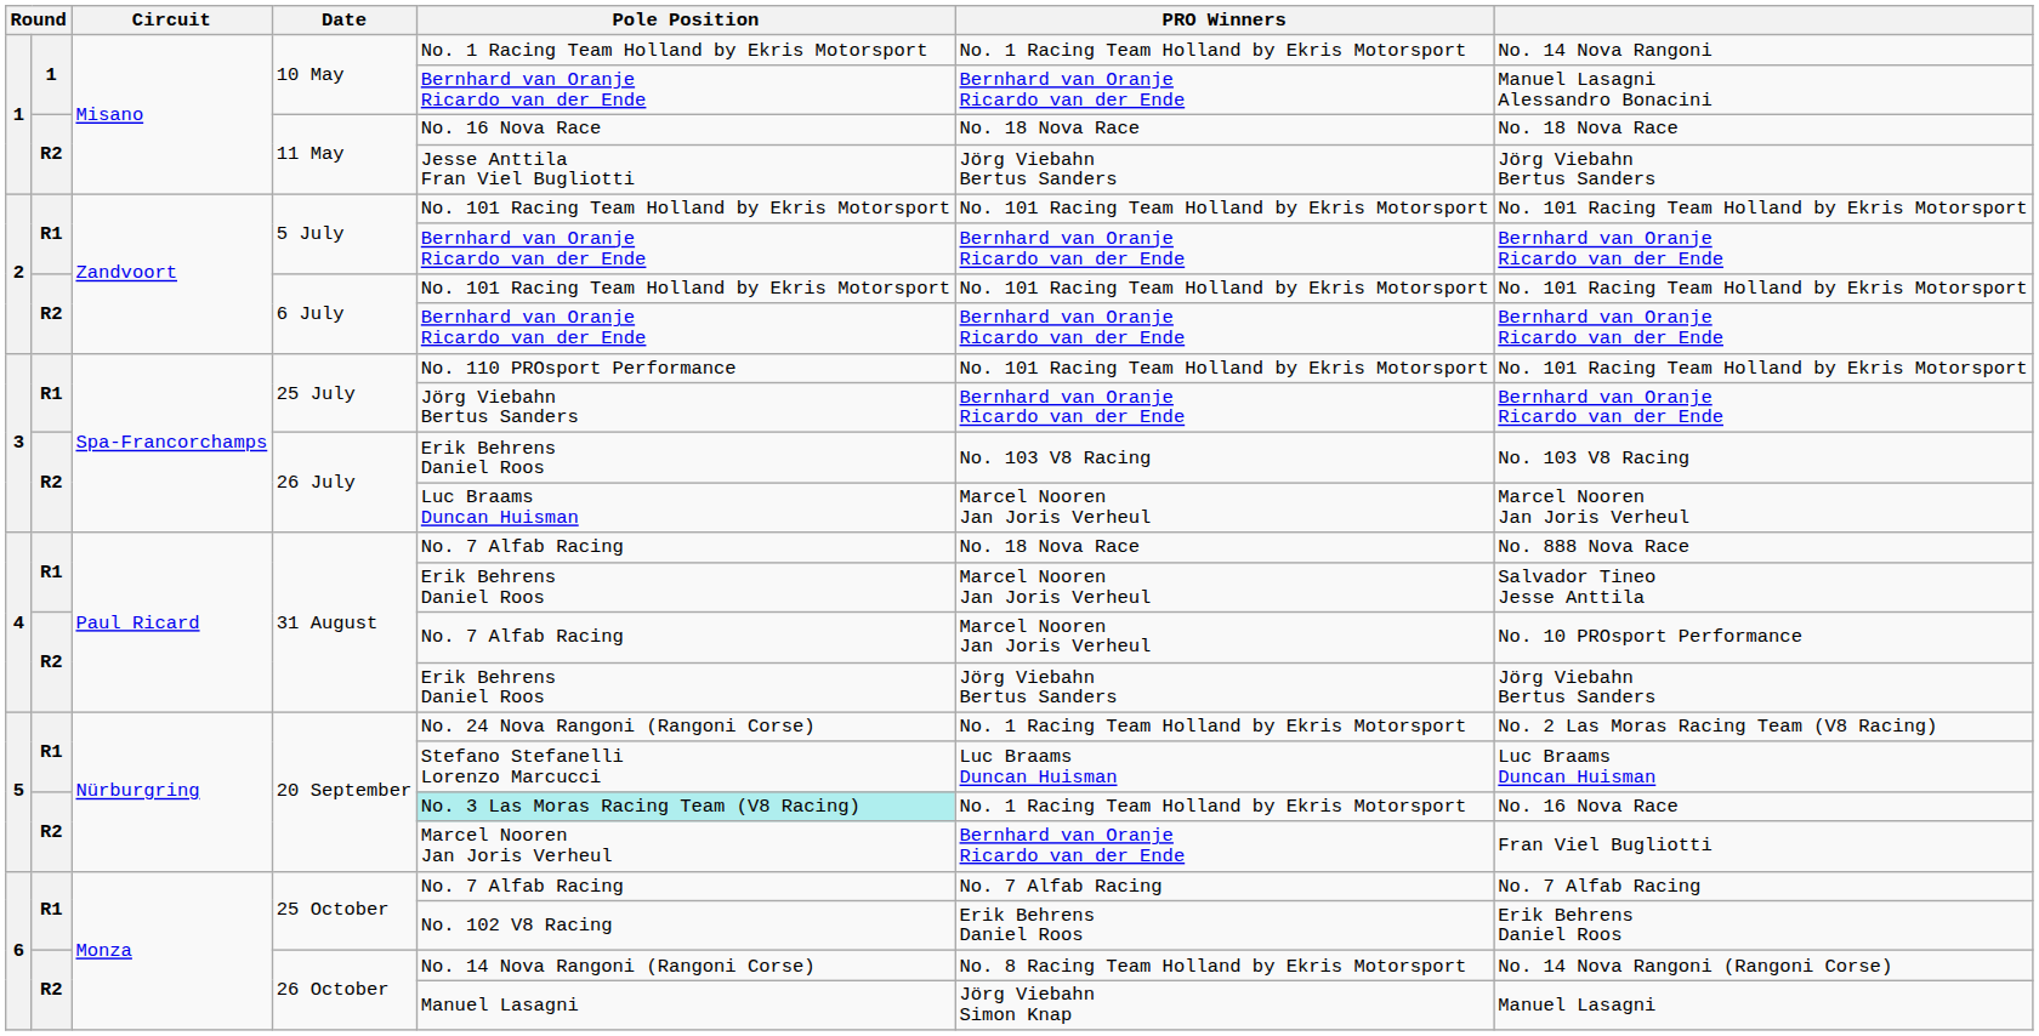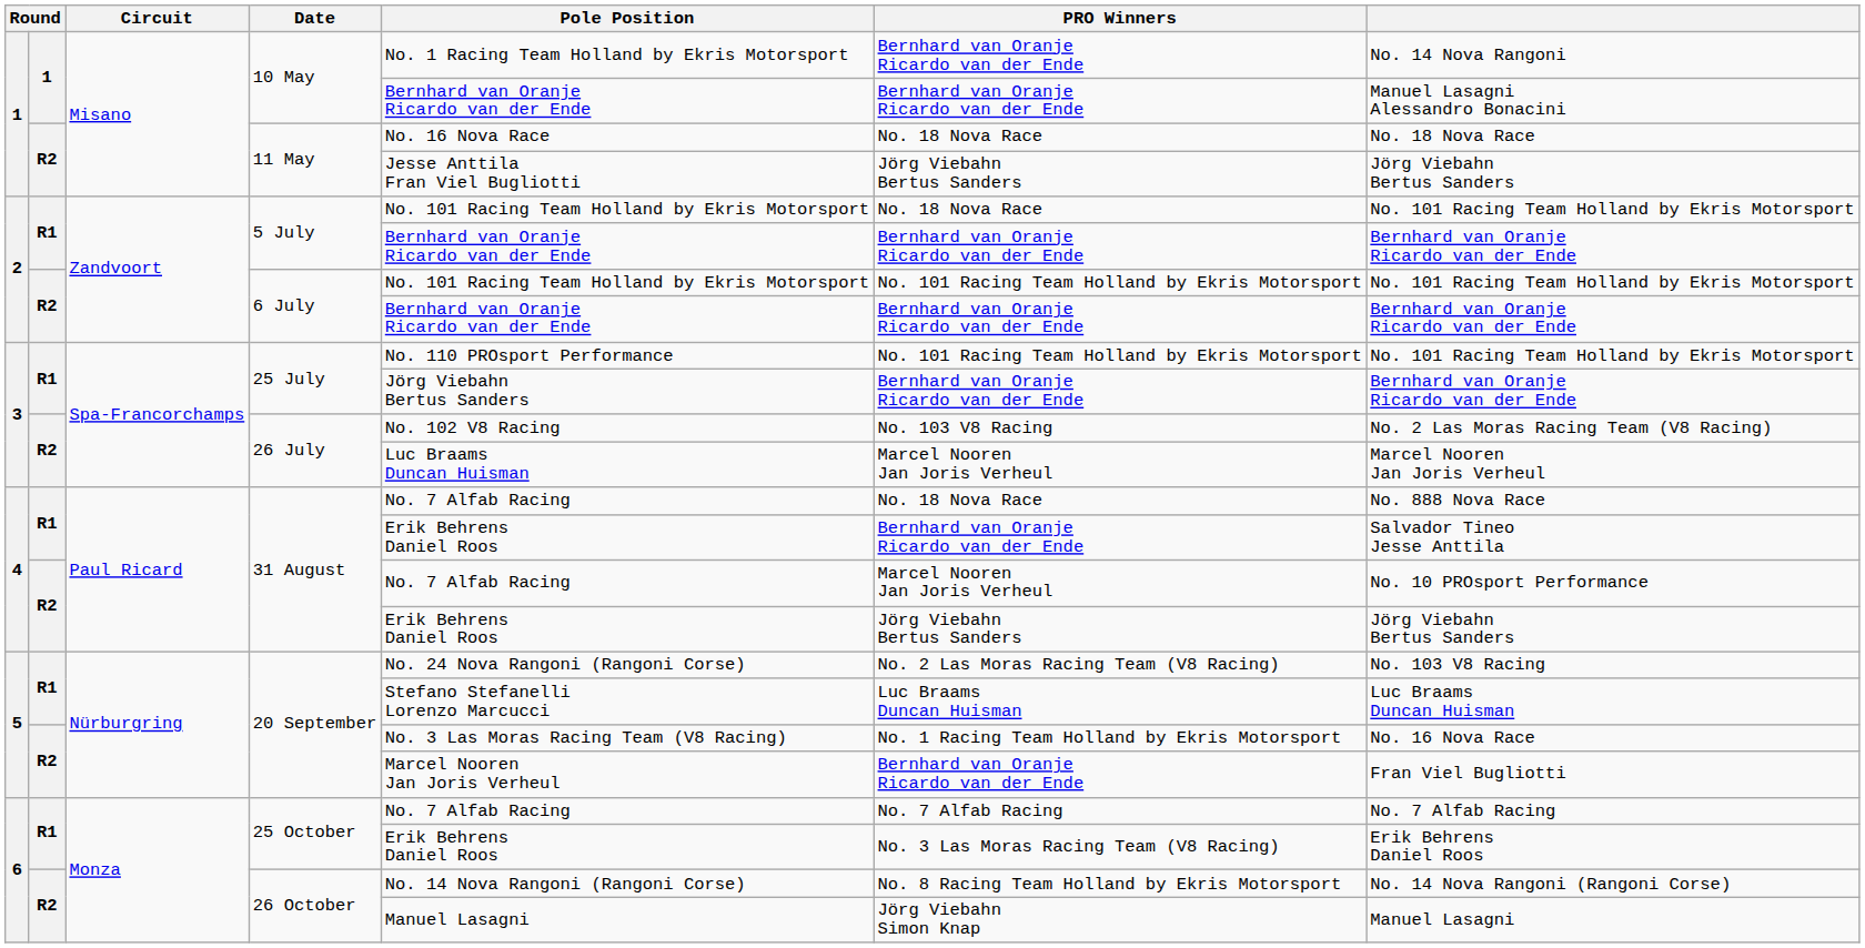 <table class="wikitable"  style="font-size: 85%;">
 <tr>
 <th colspan=2>Round</th>
 <th>Circuit</th>
 <th>Date</th>
 <th>Pole Position</th>
 <th>PRO Winners</th>
 <th></th>
 </tr>
 <tr>
 <th rowspan=4>1</th>
 <th rowspan=2>1</th>
 <td rowspan=4><a href='#'>Misano</a></td>
 <td rowspan=2>10 May</td>
 <td> No. 1 Racing Team Holland by Ekris Motorsport</td>
-<td> No. 1 Racing Team Holland by Ekris Motorsport</td>
+<td> <a href='#'>Bernhard van Oranje</a><br> <a href='#'>Ricardo van der Ende</a></td>
 <td> No. 14 Nova Rangoni</td>
 </tr>
 <tr>
 <td> <a href='#'>Bernhard van Oranje</a><br> <a href='#'>Ricardo van der Ende</a></td>
 <td> <a href='#'>Bernhard van Oranje</a><br> <a href='#'>Ricardo van der Ende</a></td>
 <td> Manuel Lasagni<br> Alessandro Bonacini</td>
 </tr>
 <tr>
 <th rowspan=2>R2</th>
 <td rowspan=2>11 May</td>
 <td> No. 16 Nova Race</td>
 <td> No. 18 Nova Race</td>
 <td> No. 18 Nova Race</td>
 </tr>
 <tr>
 <td> Jesse Anttila<br> Fran Viel Bugliotti</td>
 <td> Jörg Viebahn<br> Bertus Sanders</td>
 <td> Jörg Viebahn<br> Bertus Sanders</td>
 </tr>
 <tr>
 <th rowspan=4>2</th>
 <th rowspan=2>R1</th>
 <td rowspan=4><a href='#'>Zandvoort</a></td>
 <td rowspan=2>5 July</td>
 <td> No. 101 Racing Team Holland by Ekris Motorsport</td>
-<td> No. 101 Racing Team Holland by Ekris Motorsport</td>
+<td> No. 18 Nova Race</td>
 <td> No. 101 Racing Team Holland by Ekris Motorsport</td>
 </tr>
 <tr>
 <td> <a href='#'>Bernhard van Oranje</a><br> <a href='#'>Ricardo van der Ende</a></td>
 <td> <a href='#'>Bernhard van Oranje</a><br> <a href='#'>Ricardo van der Ende</a></td>
 <td> <a href='#'>Bernhard van Oranje</a><br> <a href='#'>Ricardo van der Ende</a></td>
 </tr>
 <tr>
 <th rowspan=2>R2</th>
 <td rowspan=2>6 July</td>
 <td> No. 101 Racing Team Holland by Ekris Motorsport</td>
 <td> No. 101 Racing Team Holland by Ekris Motorsport</td>
 <td> No. 101 Racing Team Holland by Ekris Motorsport</td>
 </tr>
 <tr>
 <td> <a href='#'>Bernhard van Oranje</a><br> <a href='#'>Ricardo van der Ende</a></td>
 <td> <a href='#'>Bernhard van Oranje</a><br> <a href='#'>Ricardo van der Ende</a></td>
 <td> <a href='#'>Bernhard van Oranje</a><br> <a href='#'>Ricardo van der Ende</a></td>
 </tr>
 <tr>
 <th rowspan=4>3</th>
 <th rowspan=2>R1</th>
 <td rowspan=4><a href='#'>Spa-Francorchamps</a></td>
 <td rowspan=2>25 July</td>
 <td> No. 110 PROsport Performance</td>
 <td> No. 101 Racing Team Holland by Ekris Motorsport</td>
 <td> No. 101 Racing Team Holland by Ekris Motorsport</td>
 </tr>
 <tr>
 <td> Jörg Viebahn<br> Bertus Sanders</td>
 <td> <a href='#'>Bernhard van Oranje</a><br> <a href='#'>Ricardo van der Ende</a></td>
 <td> <a href='#'>Bernhard van Oranje</a><br> <a href='#'>Ricardo van der Ende</a></td>
 </tr>
 <tr>
 <th rowspan=2>R2</th>
 <td rowspan=2>26 July</td>
-<td> Erik Behrens<br> Daniel Roos</td>
+<td> No. 102 V8 Racing</td>
 <td> No. 103 V8 Racing</td>
-<td> No. 103 V8 Racing</td>
+<td> No. 2 Las Moras Racing Team (V8 Racing)</td>
 </tr>
 <tr>
 <td> Luc Braams<br> <a href='#'>Duncan Huisman</a></td>
 <td> Marcel Nooren<br> Jan Joris Verheul</td>
 <td> Marcel Nooren<br> Jan Joris Verheul</td>
 </tr>
 <tr>
 <th rowspan=4>4</th>
 <th rowspan=2>R1</th>
 <td rowspan=4><a href='#'>Paul Ricard</a></td>
 <td rowspan=4>31 August</td>
 <td> No. 7 Alfab Racing</td>
 <td> No. 18 Nova Race</td>
 <td> No. 888 Nova Race</td>
 </tr>
 <tr>
 <td> Erik Behrens<br> Daniel Roos</td>
-<td> Marcel Nooren<br> Jan Joris Verheul</td>
+<td> <a href='#'>Bernhard van Oranje</a><br> <a href='#'>Ricardo van der Ende</a></td>
 <td> Salvador Tineo<br> Jesse Anttila</td>
 </tr>
 <tr>
 <th rowspan=2>R2</th>
 <td> No. 7 Alfab Racing</td>
 <td> Marcel Nooren<br> Jan Joris Verheul</td>
 <td> No. 10 PROsport Performance</td>
 </tr>
 <tr>
 <td> Erik Behrens<br> Daniel Roos</td>
 <td> Jörg Viebahn<br> Bertus Sanders</td>
 <td> Jörg Viebahn<br> Bertus Sanders</td>
 </tr>
 <tr>
 <th rowspan=4>5</th>
 <th rowspan=2>R1</th>
 <td rowspan=4><a href='#'>Nürburgring</a></td>
 <td rowspan=4>20 September</td>
 <td> No. 24 Nova Rangoni (Rangoni Corse)</td>
-<td> No. 1 Racing Team Holland by Ekris Motorsport</td>
 <td> No. 2 Las Moras Racing Team (V8 Racing)</td>
+<td> No. 103 V8 Racing</td>
 </tr>
 <tr>
 <td> Stefano Stefanelli<br> Lorenzo Marcucci</td>
 <td> Luc Braams<br> <a href='#'>Duncan Huisman</a></td>
 <td> Luc Braams<br> <a href='#'>Duncan Huisman</a></td>
 </tr>
 <tr>
 <th rowspan=2>R2</th>
-<td style="background: paleturquoise;"> No. 3 Las Moras Racing Team (V8 Racing)</td>
+<td> No. 3 Las Moras Racing Team (V8 Racing)</td>
 <td> No. 1 Racing Team Holland by Ekris Motorsport</td>
 <td> No. 16 Nova Race</td>
 </tr>
 <tr>
 <td> Marcel Nooren<br> Jan Joris Verheul</td>
 <td> <a href='#'>Bernhard van Oranje</a><br> <a href='#'>Ricardo van der Ende</a></td>
 <td> Fran Viel Bugliotti</td>
 </tr>
 <tr>
 <th rowspan=4>6</th>
 <th rowspan=2>R1</th>
 <td rowspan=4><a href='#'>Monza</a></td>
 <td rowspan=2>25 October</td>
 <td> No. 7 Alfab Racing</td>
 <td> No. 7 Alfab Racing</td>
 <td> No. 7 Alfab Racing</td>
 </tr>
 <tr>
-<td> No. 102 V8 Racing</td>
 <td> Erik Behrens<br> Daniel Roos</td>
+<td> No. 3 Las Moras Racing Team (V8 Racing)</td>
 <td> Erik Behrens<br> Daniel Roos</td>
 </tr>
 <tr>
 <th rowspan=2>R2</th>
 <td rowspan=2>26 October</td>
 <td> No. 14 Nova Rangoni (Rangoni Corse)</td>
 <td> No. 8 Racing Team Holland by Ekris Motorsport</td>
 <td> No. 14 Nova Rangoni (Rangoni Corse)</td>
 </tr>
 <tr>
 <td> Manuel Lasagni</td>
 <td> Jörg Viebahn<br> Simon Knap</td>
 <td> Manuel Lasagni</td>
 </tr>
 </table>
